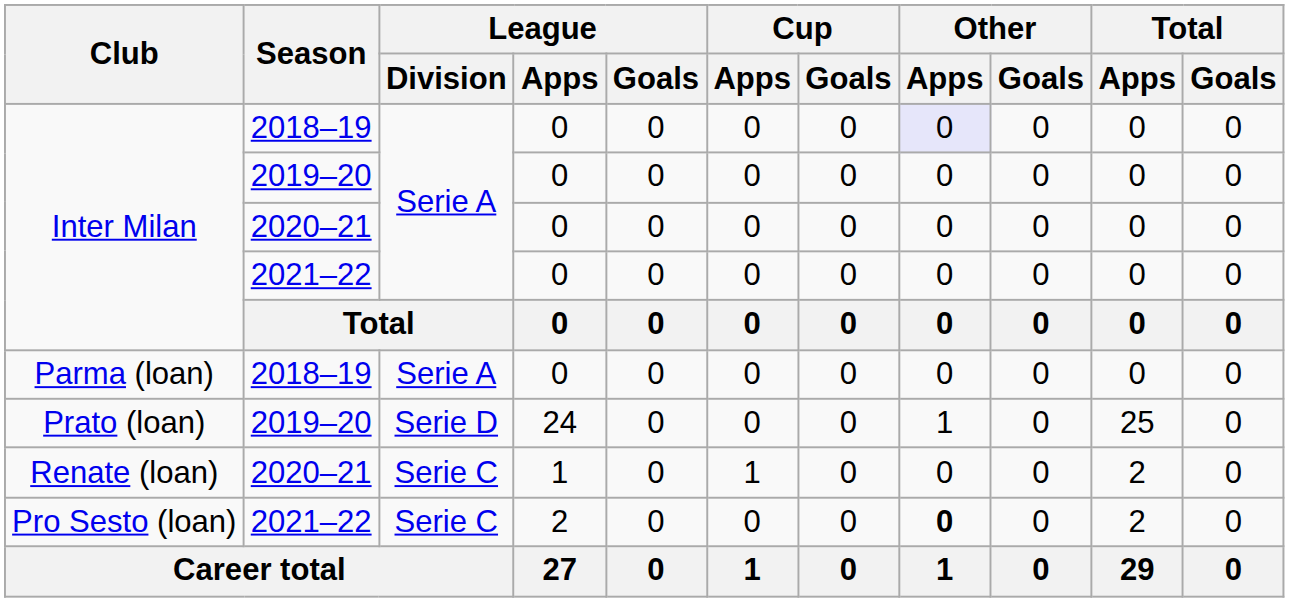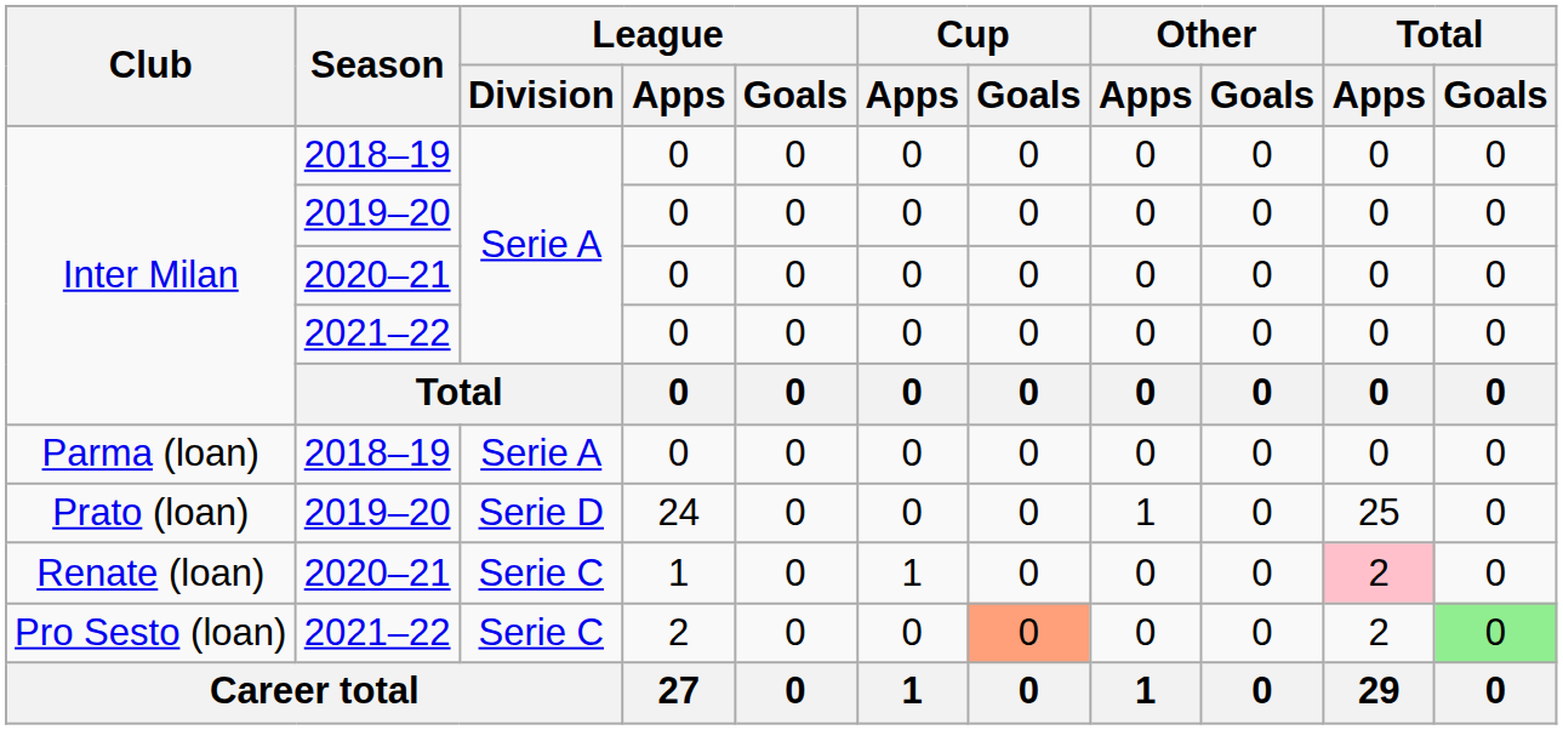 <table class="wikitable" style="text-align:center">
 <tr>
 <th rowspan="2">Club</th>
 <th rowspan="2">Season</th>
 <th colspan="3">League</th>
 <th colspan="2">Cup</th>
 <th colspan="2">Other</th>
 <th colspan="2">Total</th>
 </tr>
 <tr>
 <th>Division</th>
 <th>Apps</th>
 <th>Goals</th>
 <th>Apps</th>
 <th>Goals</th>
 <th>Apps</th>
 <th>Goals</th>
 <th>Apps</th>
 <th>Goals</th>
 </tr>
 <tr>
 <td rowspan="5"><a href='#'>Inter Milan</a></td>
 <td><a href='#'>2018–19</a></td>
 <td rowspan="4"><a href='#'>Serie A</a></td>
 <td>0</td>
 <td>0</td>
 <td>0</td>
 <td>0</td>
-<td style="background: lavender;">0</td>
+<td>0</td>
 <td>0</td>
 <td>0</td>
 <td>0</td>
 </tr>
 <tr>
 <td><a href='#'>2019–20</a></td>
 <td>0</td>
 <td>0</td>
 <td>0</td>
 <td>0</td>
 <td>0</td>
 <td>0</td>
 <td>0</td>
 <td>0</td>
 </tr>
 <tr>
 <td><a href='#'>2020–21</a></td>
 <td>0</td>
 <td>0</td>
 <td>0</td>
 <td>0</td>
 <td>0</td>
 <td>0</td>
 <td>0</td>
 <td>0</td>
 </tr>
 <tr>
 <td><a href='#'>2021–22</a></td>
 <td>0</td>
 <td>0</td>
 <td>0</td>
 <td>0</td>
 <td>0</td>
 <td>0</td>
 <td>0</td>
 <td>0</td>
 </tr>
 <tr>
 <th colspan="2">Total</th>
 <th>0</th>
 <th>0</th>
 <th>0</th>
 <th>0</th>
 <th>0</th>
 <th>0</th>
 <th>0</th>
 <th>0</th>
 </tr>
 <tr>
 <td><a href='#'>Parma</a> (loan)</td>
 <td><a href='#'>2018–19</a></td>
 <td><a href='#'>Serie A</a></td>
 <td>0</td>
 <td>0</td>
 <td>0</td>
 <td>0</td>
 <td>0</td>
 <td>0</td>
 <td>0</td>
 <td>0</td>
 </tr>
 <tr>
 <td><a href='#'>Prato</a> (loan)</td>
 <td><a href='#'>2019–20</a></td>
 <td><a href='#'>Serie D</a></td>
 <td>24</td>
 <td>0</td>
 <td>0</td>
 <td>0</td>
 <td>1</td>
 <td>0</td>
 <td>25</td>
 <td>0</td>
 </tr>
 <tr>
 <td><a href='#'>Renate</a> (loan)</td>
 <td><a href='#'>2020–21</a></td>
 <td><a href='#'>Serie C</a></td>
 <td>1</td>
 <td>0</td>
 <td>1</td>
 <td>0</td>
 <td>0</td>
 <td>0</td>
-<td>2</td>
+<td style="background: pink;">2</td>
 <td>0</td>
 </tr>
 <tr>
 <td><a href='#'>Pro Sesto</a> (loan)</td>
 <td><a href='#'>2021–22</a></td>
 <td><a href='#'>Serie C</a></td>
 <td>2</td>
 <td>0</td>
 <td>0</td>
+<td style="background: lightsalmon;">0</td>
 <td>0</td>
-<td><strong>0</strong></td>
 <td>0</td>
 <td>2</td>
-<td>0</td>
+<td style="background: lightgreen;">0</td>
 </tr>
 <tr>
 <th colspan="3">Career total</th>
 <th>27</th>
 <th>0</th>
 <th>1</th>
 <th>0</th>
 <th>1</th>
 <th>0</th>
 <th>29</th>
 <th>0</th>
 </tr>
 </table>
